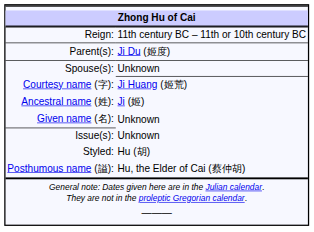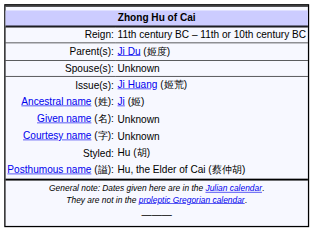 <table cellpadding=3px cellspacing=0px bgcolor=#f7f8ff style="float:right; border:2px solid; margin:5px">
 <tr>
 <td colspan=2 align=center style="border-top:2px solid"></td>
 </tr>
 <tr>
 <th align=center style="background:#ccf; border-bottom:2px solid" colspan=2>Zhong Hu of Cai</th>
 </tr>
 <tr>
 <td align=right style="border-top:1px solid">Reign:</td>
 <td style="border-top:1px solid">11th century BC – 11th or 10th century BC</td>
 </tr>
 <tr>
 <td align=right style="border-top:1px solid">Parent(s):</td>
 <td style="border-top:1px solid"><a href='#'>Ji Du</a> (姬度)</td>
 </tr>
 <tr>
 <td align=right style="border-top:1px solid">Spouse(s):</td>
 <td style="border-top:1px solid">Unknown</td>
 </tr>
 <tr>
-<td align="right"><a href='#'>Courtesy name</a> (字):</td>
+<td align=right style="border-top:1px solid">Issue(s):</td>
 <td style="border-top:1px solid"><a href='#'>Ji Huang</a> (姬荒)</td>
 </tr>
 <tr>
 <td align="right"><a href='#'>Ancestral name</a> (姓):</td>
 <td><a href='#'>Ji</a> (姬)</td>
 </tr>
 <tr>
 <td align="right"><a href='#'>Given name</a> (名):</td>
 <td>Unknown</td>
 </tr>
 <tr>
-<td align=right style="border-top:1px solid">Issue(s):</td>
+<td align="right"><a href='#'>Courtesy name</a> (字):</td>
 <td>Unknown</td>
 </tr>
 <tr>
 <td align="right">Styled:</td>
 <td>Hu (胡)</td>
 </tr>
 <tr>
 <td align="right" nowrap="nowrap"><a href='#'>Posthumous name</a> (謚):</td>
 <td>Hu, the Elder of Cai (蔡仲胡)</td>
 </tr>
 <tr>
 <td colspan=2 align=center style="border-top:3px solid"><small><em>General note: Dates given here are in the <a href='#'>Julian calendar</a></em>.<br><em>They are not in the <a href='#'>proleptic Gregorian calendar</a></em>.</small></td>
 </tr>
 <tr>
 <td colspan=2 align=center>———</td>
 </tr>
 <tr>
 <td></td>
 </tr>
 <tr>
 </tr>
 </table>
